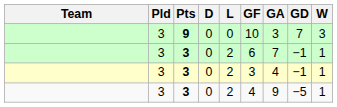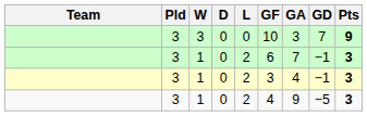 <table class="wikitable" style="text-align:center;">
 <tr>
 <th width=180>Team</th>
 <th width=20>Pld</th>
-<th width=20>Pts</th>
+<th width=20>W</th>
 <th width=20>D</th>
 <th width=20>L</th>
 <th width=20>GF</th>
 <th width=20>GA</th>
 <th width=20>GD</th>
-<th width=20>W</th>
+<th width=20>Pts</th>
 </tr>
 <tr bgcolor="ccffcc">
 <td align=left><em></em></td>
 <td>3</td>
-<td><strong>9</strong></td>
+<td>3</td>
 <td>0</td>
 <td>0</td>
 <td>10</td>
 <td>3</td>
 <td>7</td>
-<td>3</td>
+<td><strong>9</strong></td>
 </tr>
 <tr bgcolor="ccffcc">
 <td align=left></td>
 <td>3</td>
-<td><strong>3</strong></td>
+<td>1</td>
 <td>0</td>
 <td>2</td>
 <td>6</td>
 <td>7</td>
 <td>−1</td>
-<td>1</td>
+<td><strong>3</strong></td>
 </tr>
 <tr bgcolor="ffffcc">
 <td align=left></td>
 <td>3</td>
-<td><strong>3</strong></td>
+<td>1</td>
 <td>0</td>
 <td>2</td>
 <td>3</td>
 <td>4</td>
 <td>−1</td>
-<td>1</td>
+<td><strong>3</strong></td>
 </tr>
 <tr>
 <td align=left></td>
 <td>3</td>
-<td><strong>3</strong></td>
+<td>1</td>
 <td>0</td>
 <td>2</td>
 <td>4</td>
 <td>9</td>
 <td>−5</td>
-<td>1</td>
+<td><strong>3</strong></td>
 </tr>
 </table>
